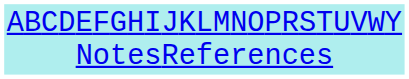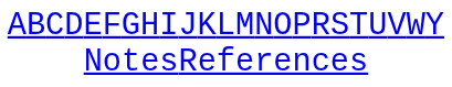 <table id="toc" class="toc" summary="Class" align="center" style="text-align:center;">
 <tr>
 <th></th>
 </tr>
 <tr>
-<td style="background: paleturquoise;"><a href='#'>A</a><a href='#'>B</a><a href='#'>C</a><a href='#'>D</a><a href='#'>E</a><a href='#'>F</a><a href='#'>G</a><a href='#'>H</a><a href='#'>I</a><a href='#'>J</a><a href='#'>K</a><a href='#'>L</a><a href='#'>M</a><a href='#'>N</a><a href='#'>O</a><a href='#'>P</a><a href='#'>R</a><a href='#'>S</a><a href='#'>T</a><a href='#'>U</a><a href='#'>V</a><a href='#'>W</a><a href='#'>Y</a><br><a href='#'>Notes</a><a href='#'>References</a></td>
+<td><a href='#'>A</a><a href='#'>B</a><a href='#'>C</a><a href='#'>D</a><a href='#'>E</a><a href='#'>F</a><a href='#'>G</a><a href='#'>H</a><a href='#'>I</a><a href='#'>J</a><a href='#'>K</a><a href='#'>L</a><a href='#'>M</a><a href='#'>N</a><a href='#'>O</a><a href='#'>P</a><a href='#'>R</a><a href='#'>S</a><a href='#'>T</a><a href='#'>U</a><a href='#'>V</a><a href='#'>W</a><a href='#'>Y</a><br><a href='#'>Notes</a><a href='#'>References</a></td>
 </tr>
 </table>
